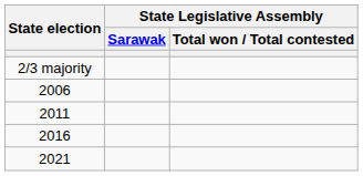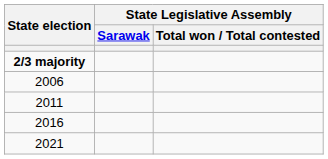 <table class="wikitable sortable" style="text-align:center; font-size:95%">
 <tr>
 <th rowspan=2>State election</th>
 <th colspan=2>State Legislative Assembly</th>
 </tr>
 <tr>
 <th><a href='#'>Sarawak</a></th>
 <th>Total won / Total contested</th>
 </tr>
 <tr>
 <th></th>
 <th></th>
 <th></th>
 </tr>
 <tr>
-<td>2/3 majority</td>
+<td><strong>2/3 majority</strong></td>
 <td></td>
 <td></td>
 </tr>
 <tr>
 <td>2006</td>
 <td></td>
 <td></td>
 </tr>
 <tr>
 <td>2011</td>
 <td></td>
 <td></td>
 </tr>
 <tr>
 <td>2016</td>
 <td></td>
 <td></td>
 </tr>
 <tr>
 <td>2021</td>
 <td></td>
 <td></td>
 </tr>
 </table>
